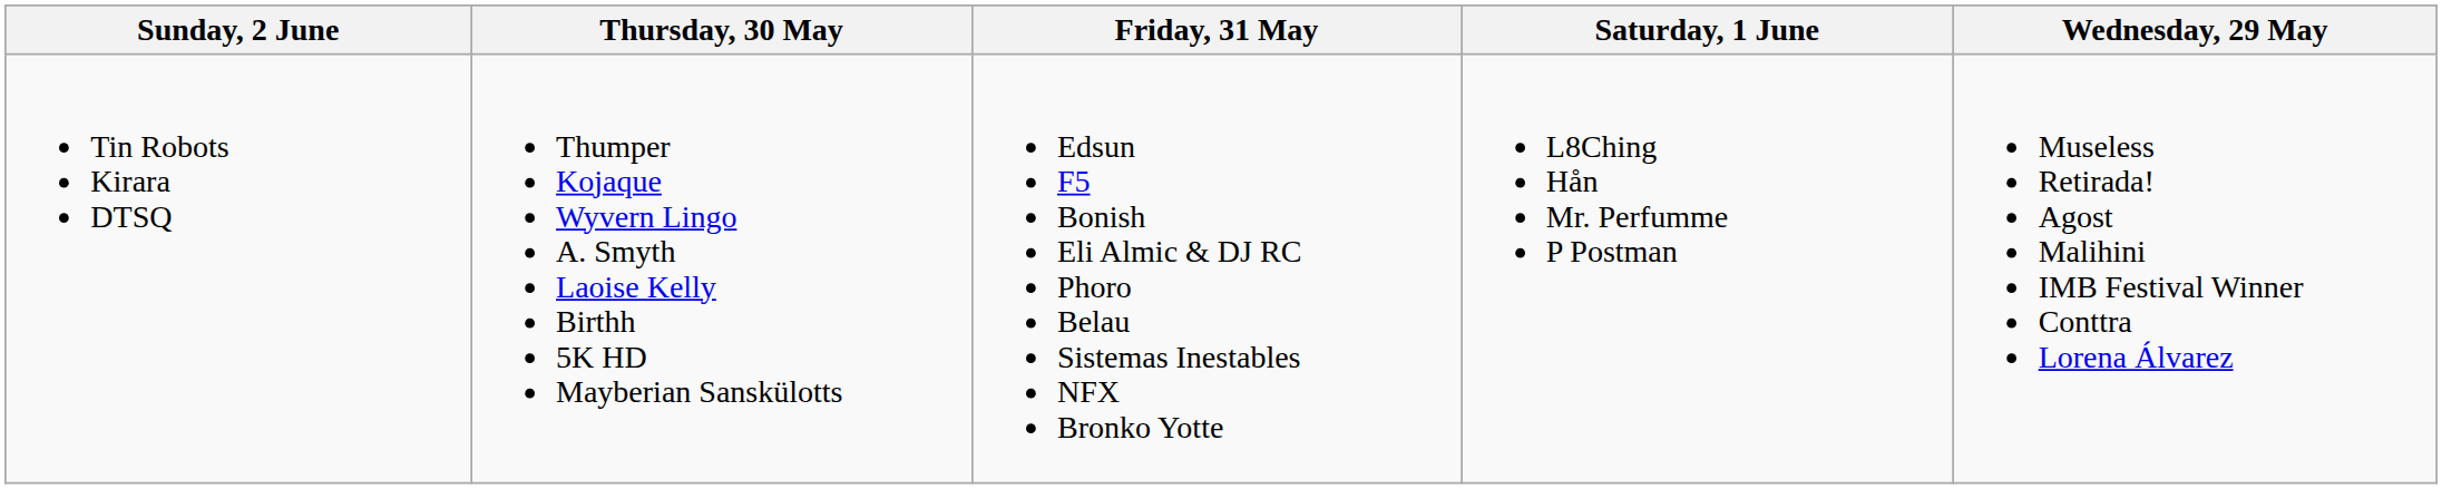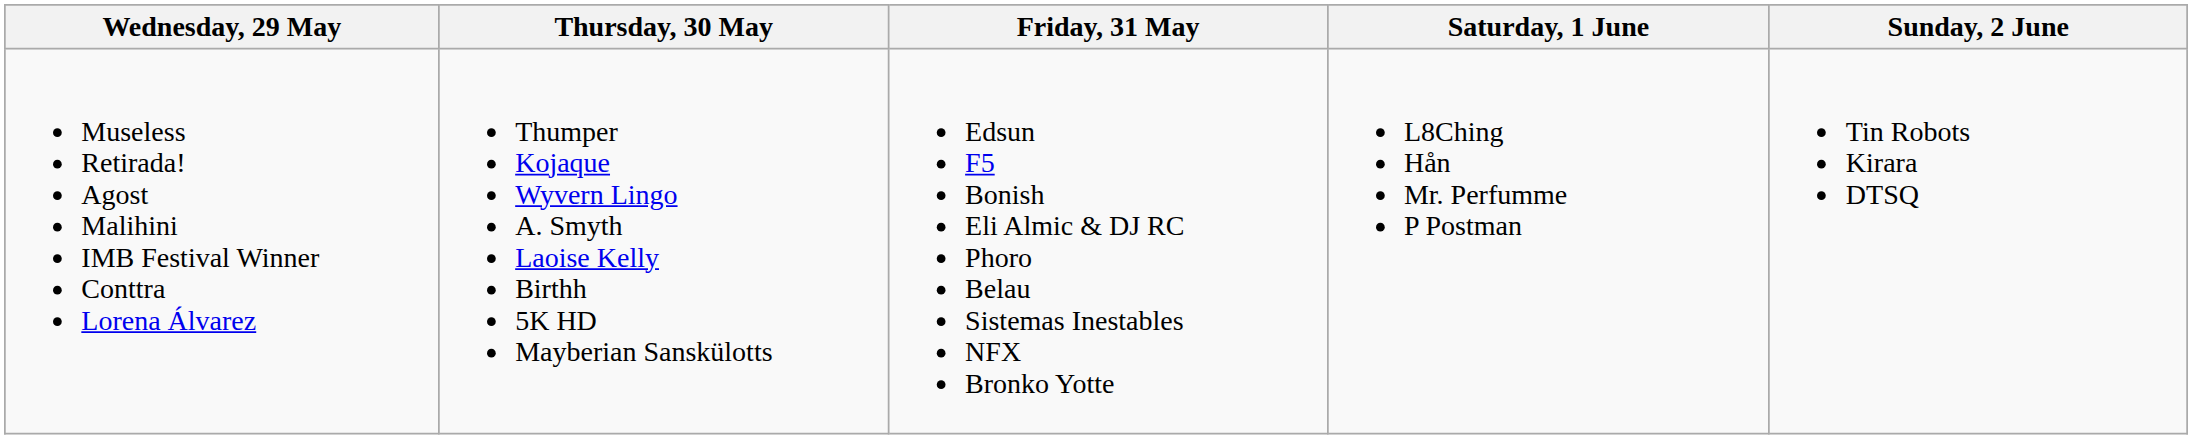 <table class="wikitable">
 <tr>
-<th width="500">Sunday, 2 June</th>
+<th width="500">Wednesday, 29 May</th>
 <th width="500">Thursday, 30 May</th>
 <th width="500">Friday, 31 May</th>
 <th width="500">Saturday, 1 June</th>
-<th width="500">Wednesday, 29 May</th>
+<th width="500">Sunday, 2 June</th>
 </tr>
 <tr valign="top">
-<td><br><ul><li>Tin Robots</li><li>Kirara</li><li>DTSQ</li></ul></td>
+<td><br><ul><li>Museless</li><li>Retirada!</li><li>Agost</li><li>Malihini</li><li>IMB Festival Winner</li><li>Conttra</li><li><a href='#'>Lorena Álvarez</a></li></ul></td>
 <td><br><ul><li>Thumper</li><li><a href='#'>Kojaque</a></li><li><a href='#'>Wyvern Lingo</a></li><li>A. Smyth</li><li><a href='#'>Laoise Kelly</a></li><li>Birthh</li><li>5K HD</li><li>Mayberian Sanskülotts</li></ul></td>
 <td><br><ul><li>Edsun</li><li><a href='#'>F5</a></li><li>Bonish</li><li>Eli Almic & DJ RC</li><li>Phoro</li><li>Belau</li><li>Sistemas Inestables</li><li>NFX</li><li>Bronko Yotte</li></ul></td>
 <td><br><ul><li>L8Ching</li><li>Hån</li><li>Mr. Perfumme</li><li>P Postman</li></ul></td>
-<td><br><ul><li>Museless</li><li>Retirada!</li><li>Agost</li><li>Malihini</li><li>IMB Festival Winner</li><li>Conttra</li><li><a href='#'>Lorena Álvarez</a></li></ul></td>
+<td><br><ul><li>Tin Robots</li><li>Kirara</li><li>DTSQ</li></ul></td>
 </tr>
 </table>
